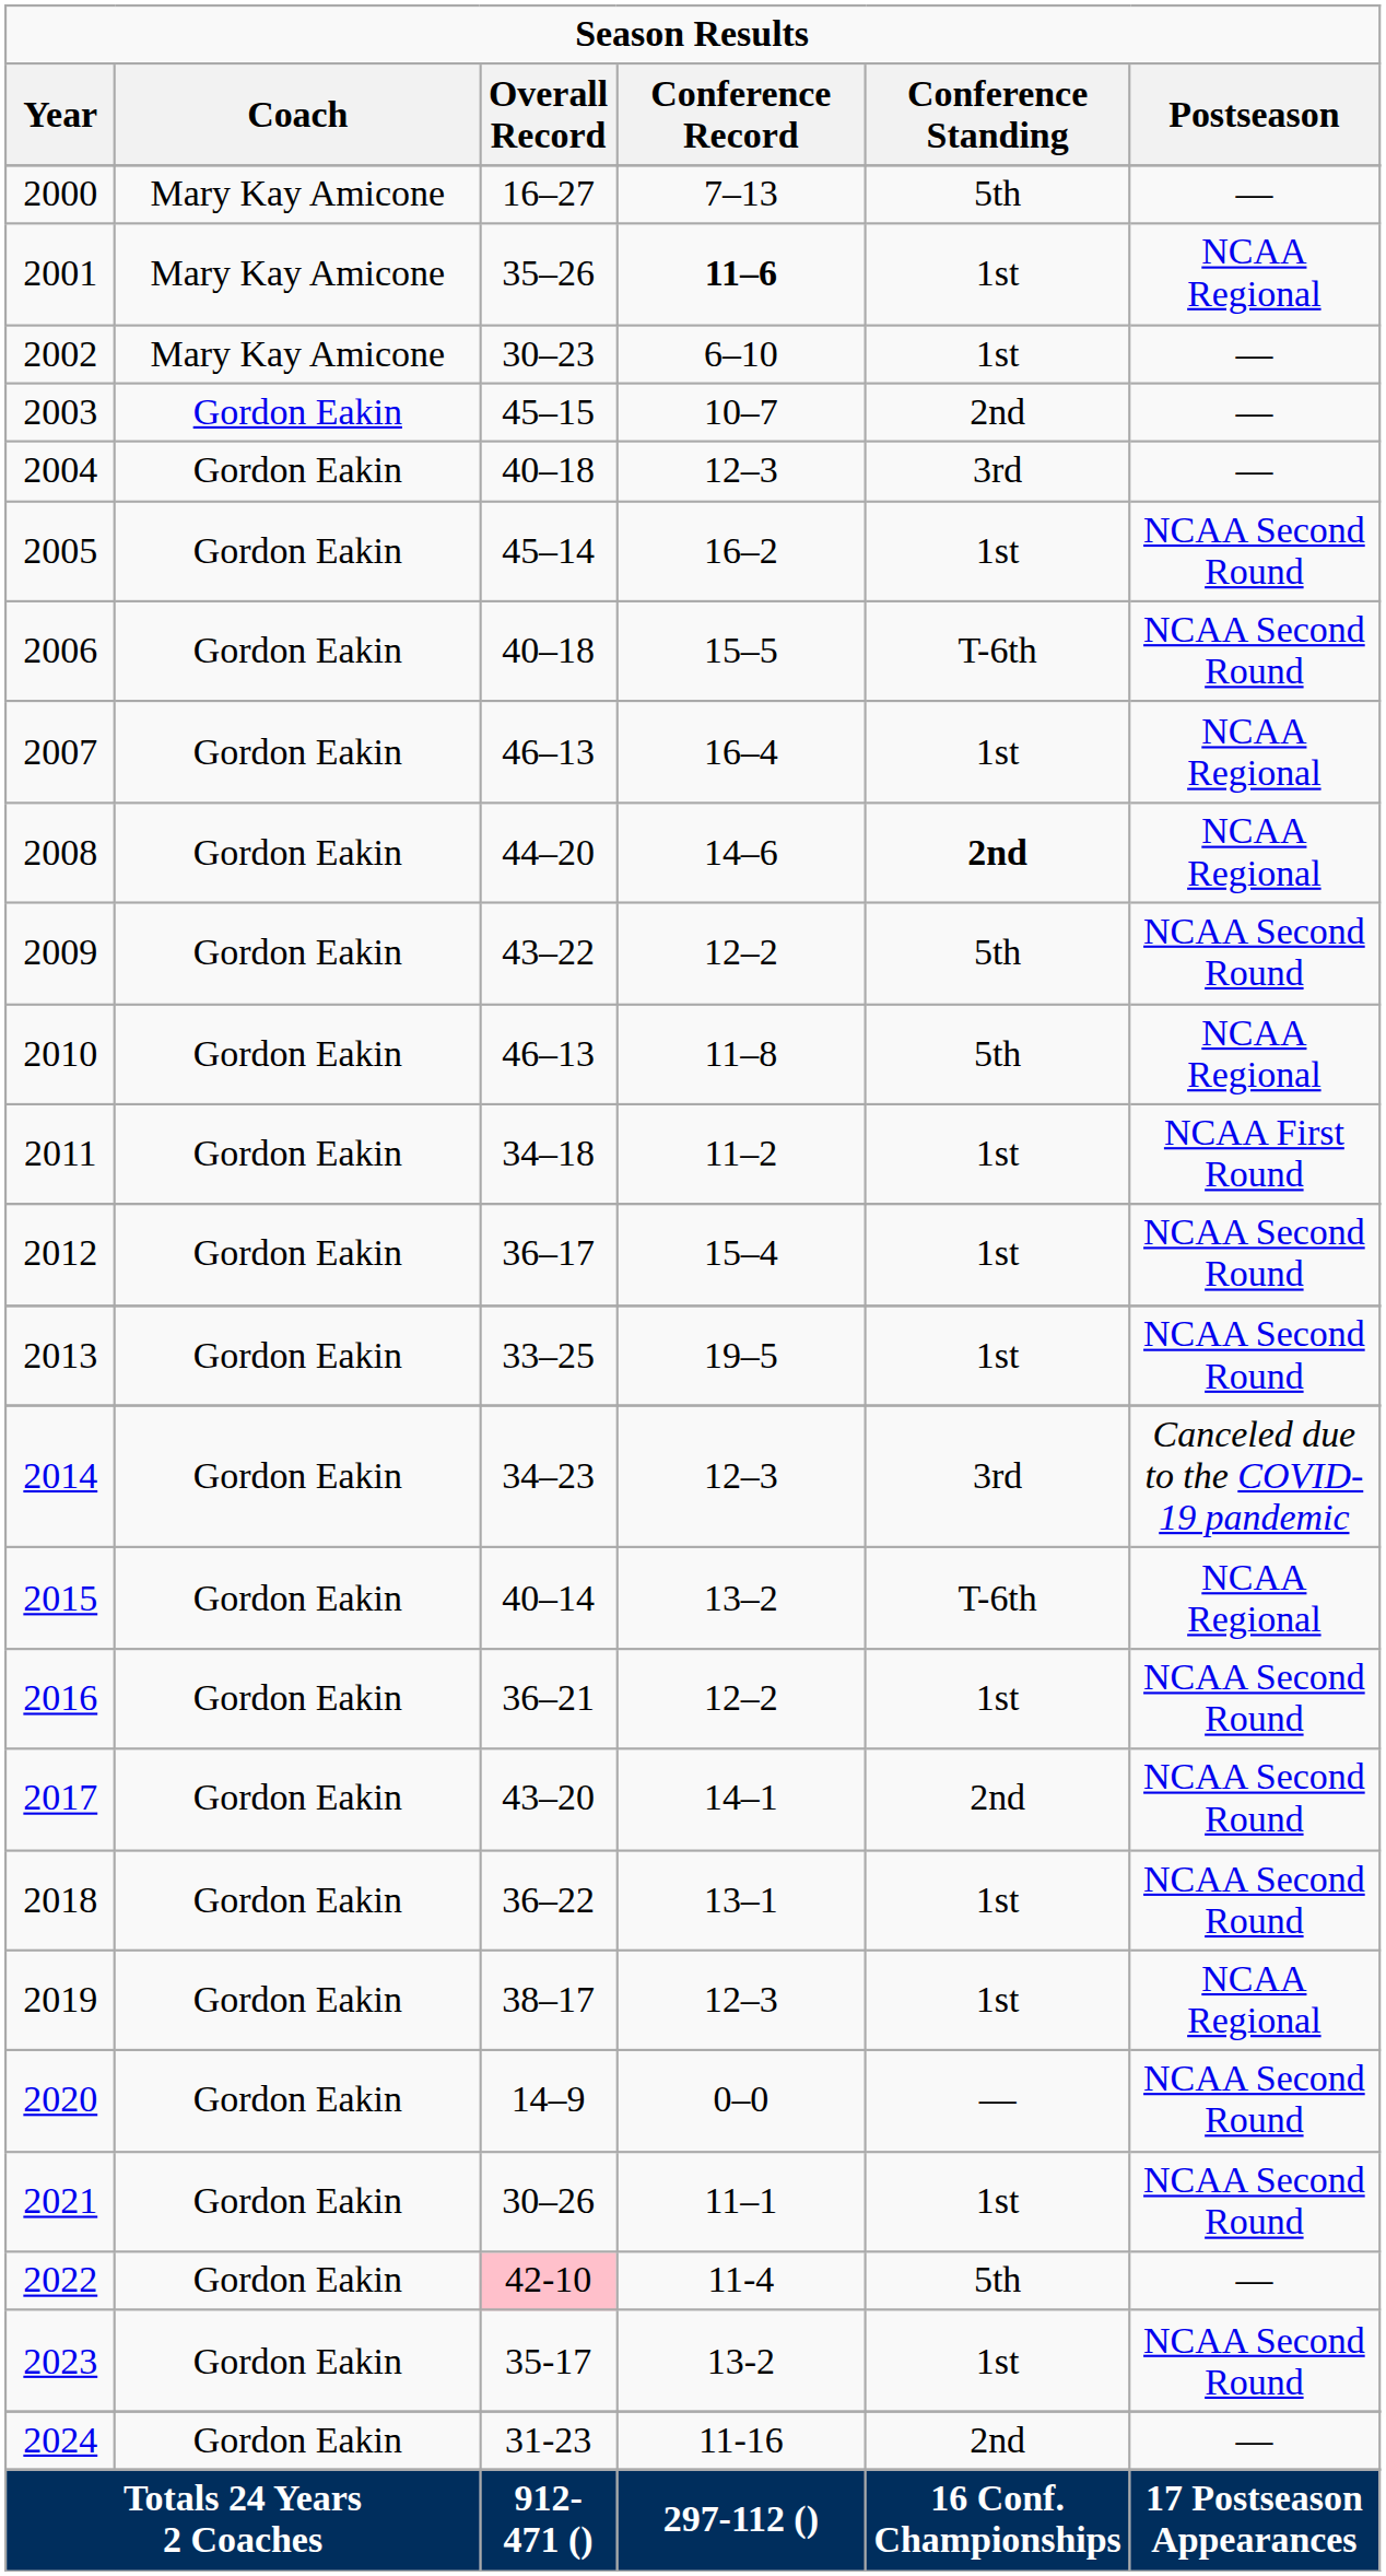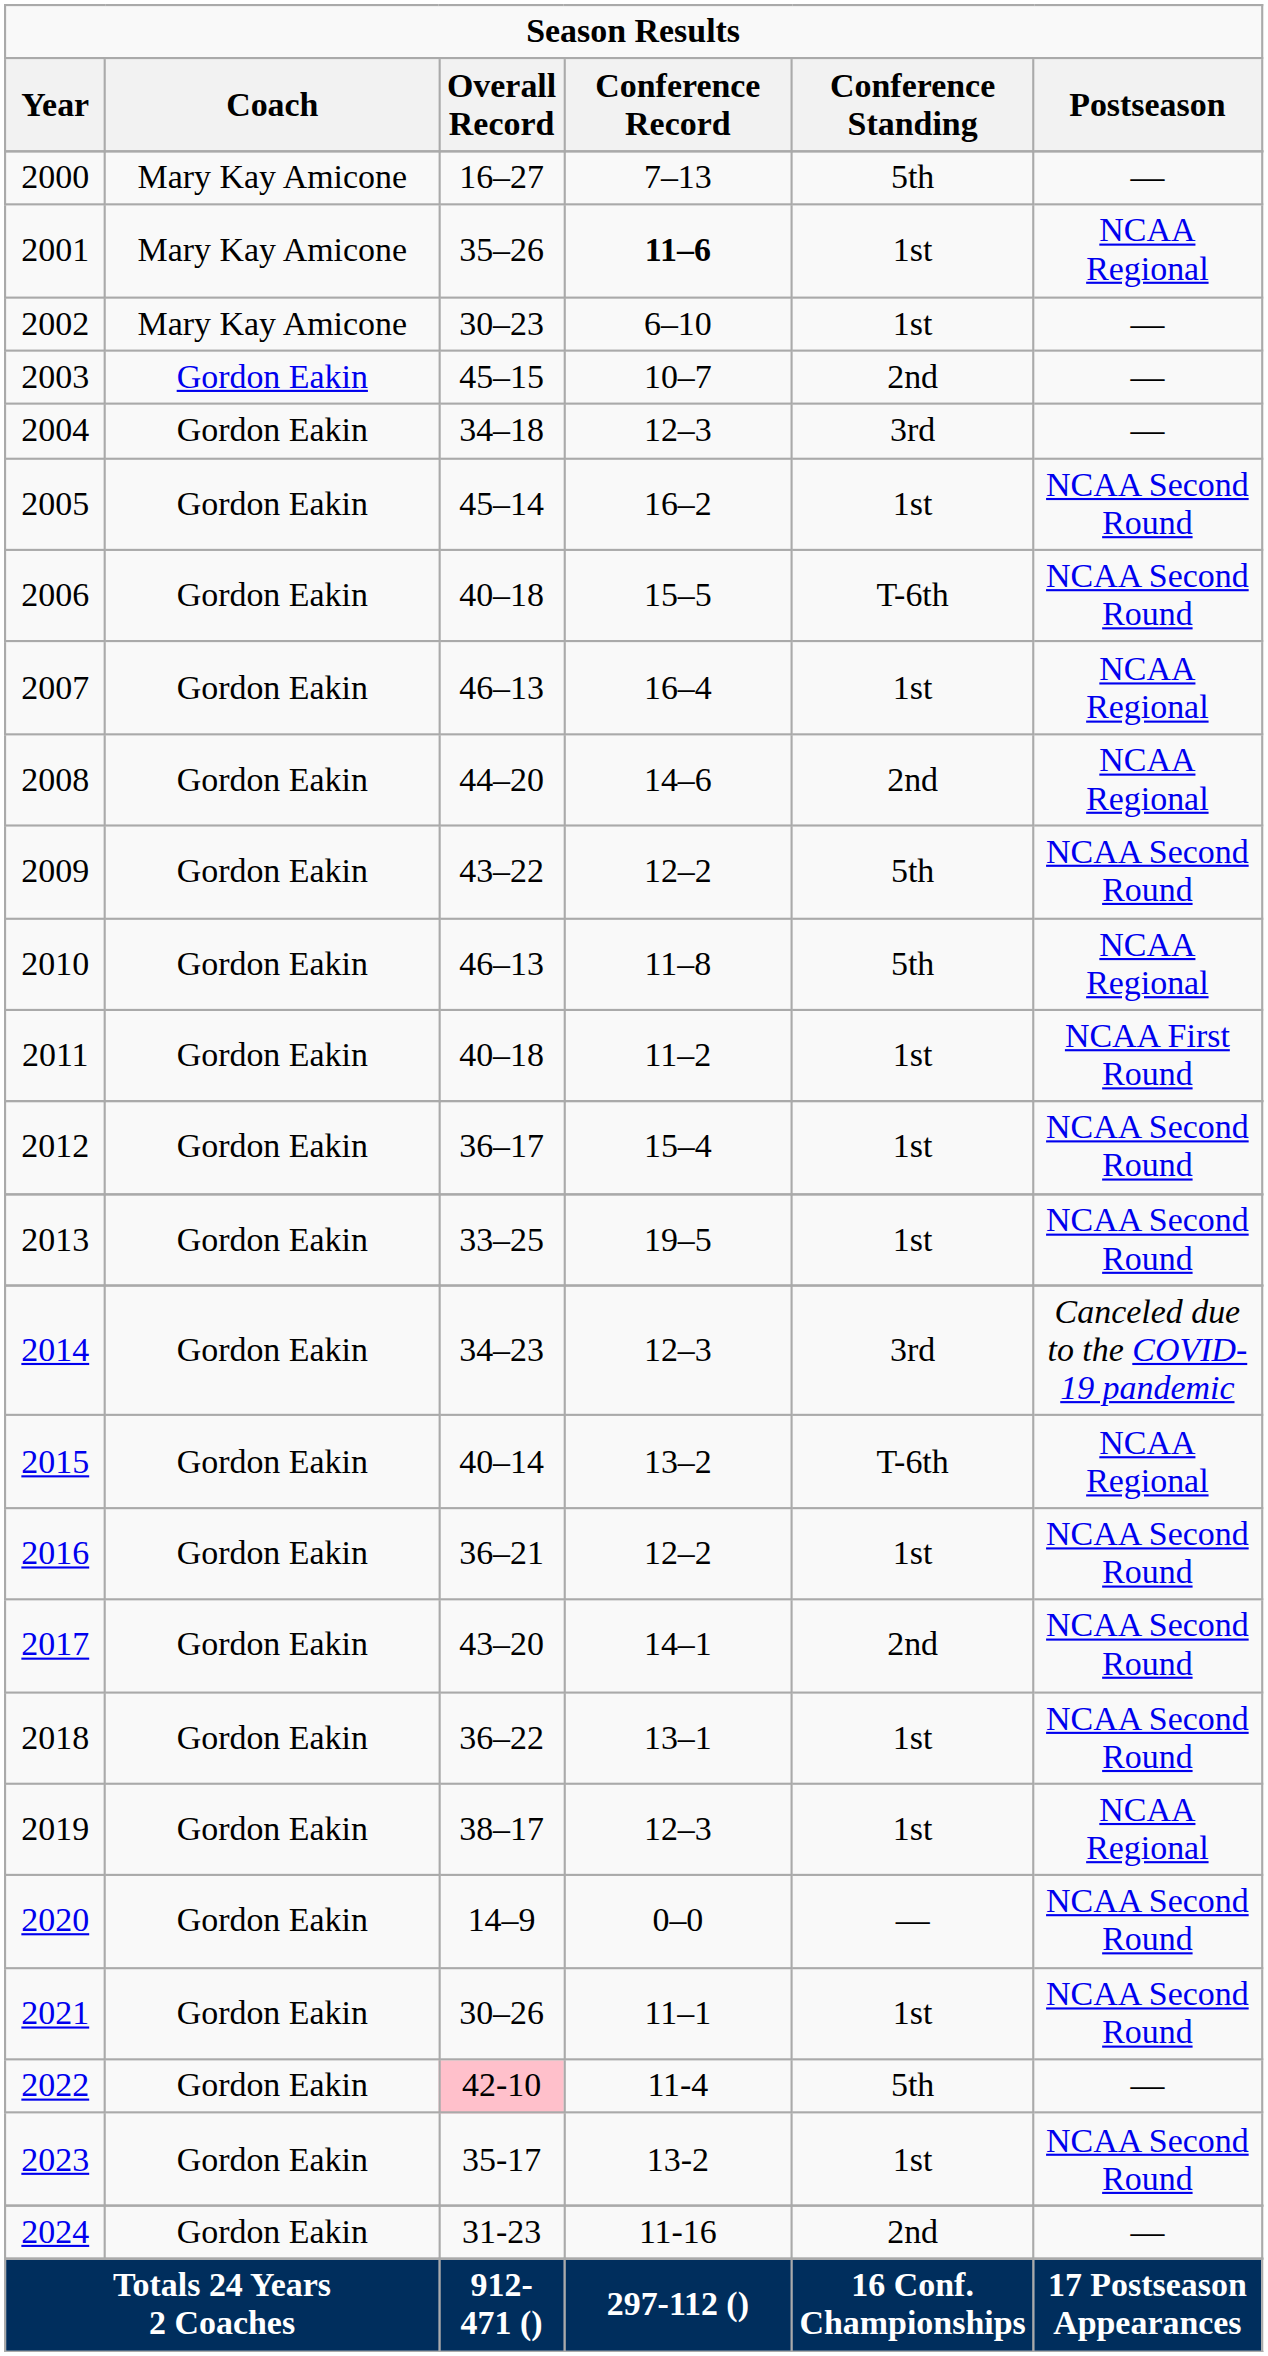 <table class="wikitable sortable" style="text-align:center">
 <tr>
 <td colspan="6"><strong>Season Results</strong></td>
 </tr>
 <tr>
 <th style="width:40px; ">Year</th>
 <th style="width:150px; ">Coach</th>
 <th style="width:40px; ">Overall Record</th>
 <th style="width:100px; ">Conference Record</th>
 <th style="width:40px; ">Conference Standing</th>
 <th style="width:100px; ">Postseason</th>
 </tr>
 <tr>
 </tr>
 <tr>
 <td>2000</td>
 <td>Mary Kay Amicone</td>
 <td>16–27</td>
 <td>7–13</td>
 <td>5th</td>
 <td>—</td>
 </tr>
 <tr>
 <td>2001</td>
 <td>Mary Kay Amicone</td>
 <td>35–26</td>
 <td><strong>11–6</strong></td>
 <td>1st</td>
 <td><a href='#'>NCAA Regional</a></td>
 </tr>
 <tr>
 <td>2002</td>
 <td>Mary Kay Amicone</td>
 <td>30–23</td>
 <td>6–10</td>
 <td>1st</td>
 <td>—</td>
 </tr>
 <tr>
 <td>2003</td>
 <td><a href='#'>Gordon Eakin</a></td>
 <td>45–15</td>
 <td>10–7</td>
 <td>2nd</td>
 <td>—</td>
 </tr>
 <tr>
 <td>2004</td>
 <td>Gordon Eakin</td>
-<td>40–18</td>
+<td>34–18</td>
 <td>12–3</td>
 <td>3rd</td>
 <td>—</td>
 </tr>
 <tr>
 <td>2005</td>
 <td>Gordon Eakin</td>
 <td>45–14</td>
 <td>16–2</td>
 <td>1st</td>
 <td><a href='#'>NCAA Second Round</a></td>
 </tr>
 <tr>
 <td>2006</td>
 <td>Gordon Eakin</td>
 <td>40–18</td>
 <td>15–5</td>
 <td>T-6th</td>
 <td><a href='#'>NCAA Second Round</a></td>
 </tr>
 <tr>
 <td>2007</td>
 <td>Gordon Eakin</td>
 <td>46–13</td>
 <td>16–4</td>
 <td>1st</td>
 <td><a href='#'>NCAA Regional</a></td>
 </tr>
 <tr>
 <td>2008</td>
 <td>Gordon Eakin</td>
 <td>44–20</td>
 <td>14–6</td>
-<td><strong>2nd</strong></td>
+<td>2nd</td>
 <td><a href='#'>NCAA Regional</a></td>
 </tr>
 <tr>
 <td>2009</td>
 <td>Gordon Eakin</td>
 <td>43–22</td>
 <td>12–2</td>
 <td>5th</td>
 <td><a href='#'>NCAA Second Round</a></td>
 </tr>
 <tr>
 <td>2010</td>
 <td>Gordon Eakin</td>
 <td>46–13</td>
 <td>11–8</td>
 <td>5th</td>
 <td><a href='#'>NCAA Regional</a></td>
 </tr>
 <tr>
 <td>2011</td>
 <td>Gordon Eakin</td>
-<td>34–18</td>
+<td>40–18</td>
 <td>11–2</td>
 <td>1st</td>
 <td><a href='#'>NCAA First Round</a></td>
 </tr>
 <tr>
 </tr>
 <tr>
 <td>2012</td>
 <td>Gordon Eakin</td>
 <td>36–17</td>
 <td>15–4</td>
 <td>1st</td>
 <td><a href='#'>NCAA Second Round</a></td>
 </tr>
 <tr>
 </tr>
 <tr>
 <td>2013</td>
 <td>Gordon Eakin</td>
 <td>33–25</td>
 <td>19–5</td>
 <td>1st</td>
 <td><a href='#'>NCAA Second Round</a></td>
 </tr>
 <tr>
 </tr>
 <tr>
 <td><a href='#'>2014</a></td>
 <td>Gordon Eakin</td>
 <td>34–23</td>
 <td>12–3</td>
 <td>3rd</td>
 <td><em>Canceled due to the <a href='#'>COVID-19 pandemic</a></em></td>
 </tr>
 <tr>
 <td><a href='#'>2015</a></td>
 <td>Gordon Eakin</td>
 <td>40–14</td>
 <td>13–2</td>
 <td>T-6th</td>
 <td><a href='#'>NCAA Regional</a></td>
 </tr>
 <tr>
 <td><a href='#'>2016</a></td>
 <td>Gordon Eakin</td>
 <td>36–21</td>
 <td>12–2</td>
 <td>1st</td>
 <td><a href='#'>NCAA Second Round</a></td>
 </tr>
 <tr>
 <td><a href='#'>2017</a></td>
 <td>Gordon Eakin</td>
 <td>43–20</td>
 <td>14–1</td>
 <td>2nd</td>
 <td><a href='#'>NCAA Second Round</a></td>
 </tr>
 <tr>
 <td>2018</td>
 <td>Gordon Eakin</td>
 <td>36–22</td>
 <td>13–1</td>
 <td>1st</td>
 <td><a href='#'>NCAA Second Round</a></td>
 </tr>
 <tr>
 <td>2019</td>
 <td>Gordon Eakin</td>
 <td>38–17</td>
 <td>12–3</td>
 <td>1st</td>
 <td><a href='#'>NCAA Regional</a></td>
 </tr>
 <tr>
 <td><a href='#'>2020</a></td>
 <td>Gordon Eakin</td>
 <td>14–9</td>
 <td>0–0</td>
 <td>—</td>
 <td><a href='#'>NCAA Second Round</a></td>
 </tr>
 <tr>
 <td><a href='#'>2021</a></td>
 <td>Gordon Eakin</td>
 <td>30–26</td>
 <td>11–1</td>
 <td>1st</td>
 <td><a href='#'>NCAA Second Round</a></td>
 </tr>
 <tr>
 <td><a href='#'>2022</a></td>
 <td>Gordon Eakin</td>
 <td style="background: pink;">42-10</td>
 <td>11-4</td>
 <td>5th</td>
 <td>—</td>
 </tr>
 <tr>
 <td><a href='#'>2023</a></td>
 <td>Gordon Eakin</td>
 <td>35-17</td>
 <td>13-2</td>
 <td>1st</td>
 <td><a href='#'>NCAA Second Round</a></td>
 </tr>
 <tr>
 </tr>
 <tr>
 <td><a href='#'>2024</a></td>
 <td>Gordon Eakin</td>
 <td>31-23</td>
 <td>11-16</td>
 <td>2nd</td>
 <td>—</td>
 </tr>
 <tr>
 </tr>
 <tr style="text-align:center; background:#002E5D; color:white;">
 <td colspan="2"><strong>Totals 24 Years<br> 2 Coaches</strong></td>
 <td><strong>912-471 ()</strong></td>
 <td><strong>297-112  ()</strong></td>
 <td><strong>16 Conf. Championships</strong></td>
 <td><strong>17 Postseason Appearances</strong></td>
 </tr>
 <tr>
 </tr>
 </table>
